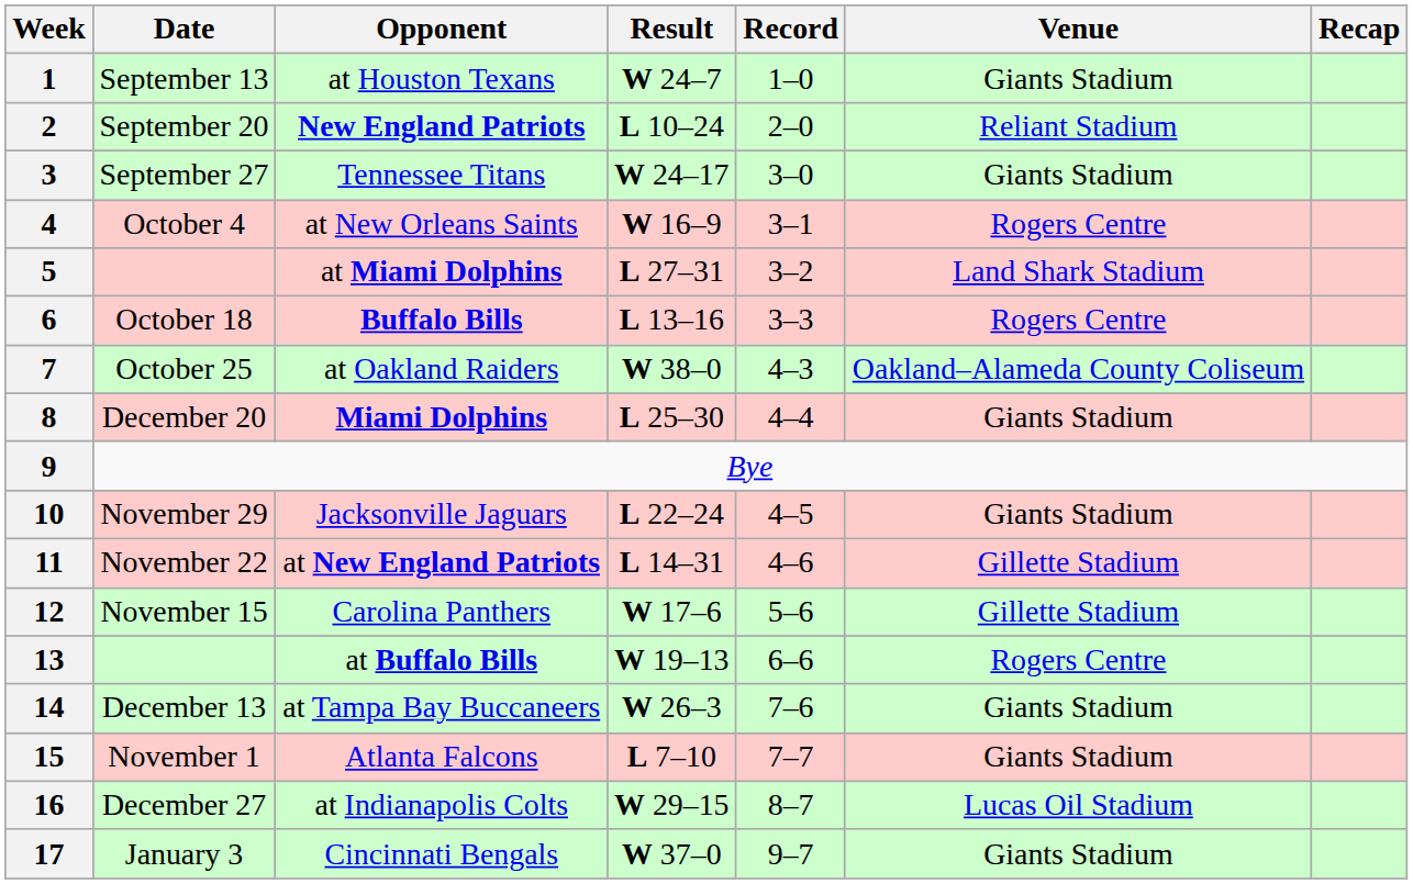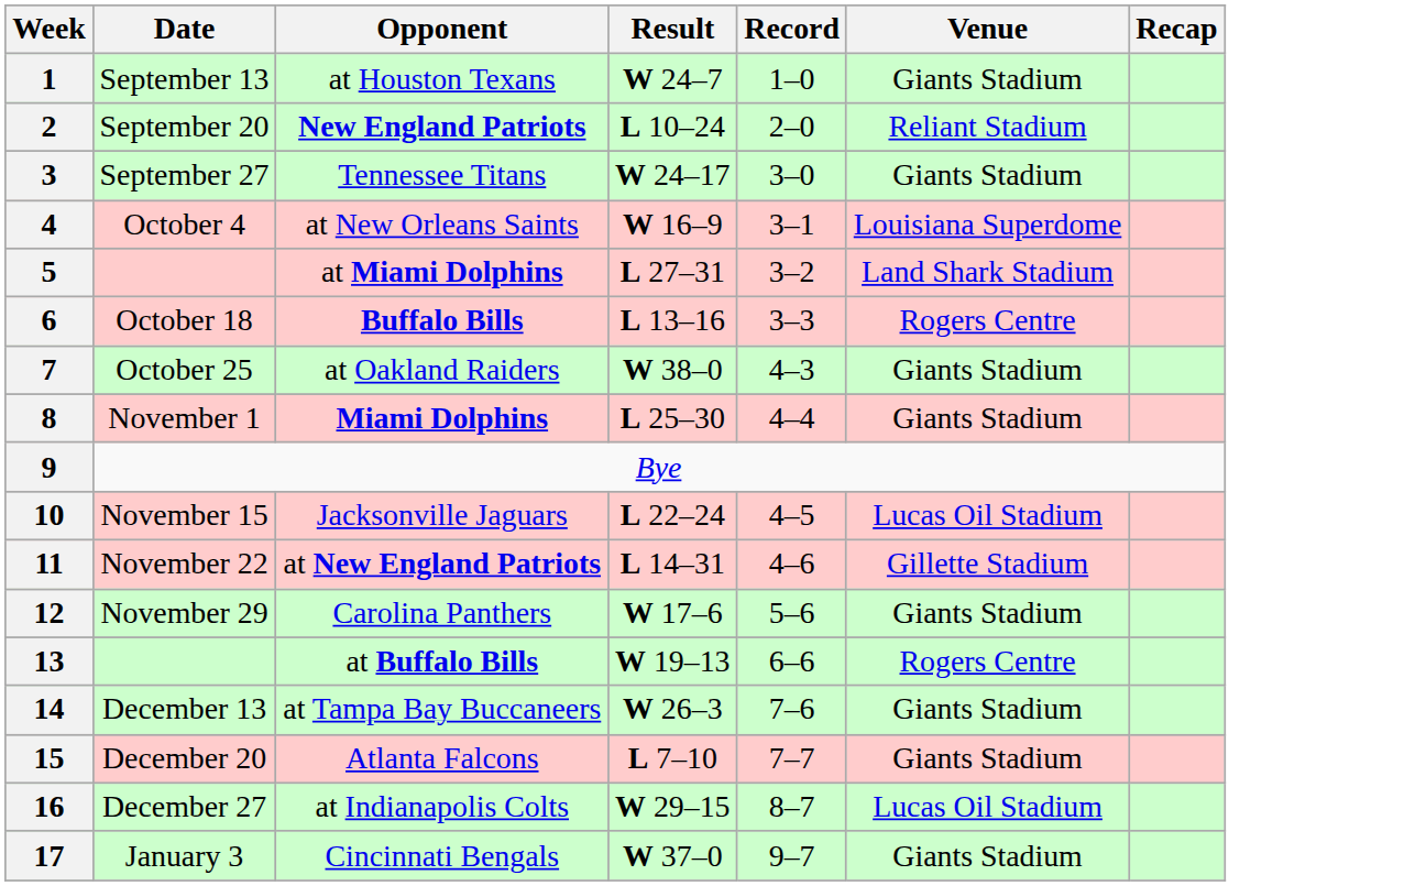 <table class="wikitable" style="text-align:center">
 <tr>
 <th>Week</th>
 <th>Date</th>
 <th>Opponent</th>
 <th>Result</th>
 <th>Record</th>
 <th>Venue</th>
 <th>Recap</th>
 </tr>
 <tr style="background:#cfc">
 <th>1</th>
 <td>September 13</td>
 <td>at <a href='#'>Houston Texans</a></td>
 <td><strong>W</strong> 24–7</td>
 <td>1–0</td>
 <td>Giants Stadium</td>
 <td></td>
 </tr>
 <tr style="background:#cfc">
 <th>2</th>
 <td>September 20</td>
 <td><strong><a href='#'>New England Patriots</a></strong></td>
 <td><strong>L</strong> 10–24</td>
 <td>2–0</td>
 <td><a href='#'>Reliant Stadium</a></td>
 <td></td>
 </tr>
 <tr style="background:#cfc">
 <th>3</th>
 <td>September 27</td>
 <td><a href='#'>Tennessee Titans</a></td>
 <td><strong>W</strong> 24–17</td>
 <td>3–0</td>
 <td>Giants Stadium</td>
 <td></td>
 </tr>
 <tr style="background:#fcc">
 <th>4</th>
 <td>October 4</td>
 <td>at <a href='#'>New Orleans Saints</a></td>
 <td><strong>W</strong> 16–9</td>
 <td>3–1</td>
-<td> <a href='#'>Rogers Centre</a> </td>
+<td><a href='#'>Louisiana Superdome</a></td>
 <td></td>
 </tr>
 <tr style="background:#fcc">
 <th>5</th>
 <td></td>
 <td>at <strong><a href='#'>Miami Dolphins</a></strong></td>
 <td><strong>L</strong> 27–31</td>
 <td>3–2</td>
 <td><a href='#'>Land Shark Stadium</a></td>
 <td></td>
 </tr>
 <tr style="background:#fcc">
 <th>6</th>
 <td>October 18</td>
 <td><strong><a href='#'>Buffalo Bills</a></strong></td>
 <td><strong>L</strong> 13–16 </td>
 <td>3–3</td>
 <td> <a href='#'>Rogers Centre</a> </td>
 <td></td>
 </tr>
 <tr style="background:#cfc">
 <th>7</th>
 <td>October 25</td>
 <td>at <a href='#'>Oakland Raiders</a></td>
 <td><strong>W</strong> 38–0</td>
 <td>4–3</td>
-<td><a href='#'>Oakland–Alameda County Coliseum</a></td>
+<td>Giants Stadium</td>
 <td></td>
 </tr>
 <tr style="background:#fcc">
 <th>8</th>
-<td>December 20</td>
+<td>November 1</td>
 <td><strong><a href='#'>Miami Dolphins</a></strong></td>
 <td><strong>L</strong> 25–30</td>
 <td>4–4</td>
 <td>Giants Stadium</td>
 <td></td>
 </tr>
 <tr>
 <th>9</th>
 <td colspan="6"><em><a href='#'>Bye</a></em></td>
 </tr>
 <tr style="background:#fcc">
 <th>10</th>
-<td>November 29</td>
+<td>November 15</td>
 <td><a href='#'>Jacksonville Jaguars</a></td>
 <td><strong>L</strong> 22–24</td>
 <td>4–5</td>
-<td>Giants Stadium</td>
+<td><a href='#'>Lucas Oil Stadium</a></td>
 <td></td>
 </tr>
 <tr style="background:#fcc">
 <th>11</th>
 <td>November 22</td>
 <td>at <strong><a href='#'>New England Patriots</a></strong></td>
 <td><strong>L</strong> 14–31</td>
 <td>4–6</td>
 <td><a href='#'>Gillette Stadium</a></td>
 <td></td>
 </tr>
 <tr style="background:#cfc">
 <th>12</th>
-<td>November 15</td>
+<td>November 29</td>
 <td><a href='#'>Carolina Panthers</a></td>
 <td><strong>W</strong> 17–6</td>
 <td>5–6</td>
-<td><a href='#'>Gillette Stadium</a></td>
+<td>Giants Stadium</td>
 <td></td>
 </tr>
 <tr style="background:#cfc">
 <th>13</th>
 <td></td>
 <td>at <strong><a href='#'>Buffalo Bills</a></strong></td>
 <td><strong>W</strong> 19–13</td>
 <td>6–6</td>
 <td> <a href='#'>Rogers Centre</a> </td>
 <td></td>
 </tr>
 <tr style="background:#cfc">
 <th>14</th>
 <td>December 13</td>
 <td>at <a href='#'>Tampa Bay Buccaneers</a></td>
 <td><strong>W</strong> 26–3</td>
 <td>7–6</td>
 <td>Giants Stadium</td>
 <td></td>
 </tr>
 <tr style="background:#fcc">
 <th>15</th>
-<td>November 1</td>
+<td>December 20</td>
 <td><a href='#'>Atlanta Falcons</a></td>
 <td><strong>L</strong> 7–10</td>
 <td>7–7</td>
 <td>Giants Stadium</td>
 <td></td>
 </tr>
 <tr style="background:#cfc">
 <th>16</th>
 <td>December 27</td>
 <td>at <a href='#'>Indianapolis Colts</a></td>
 <td><strong>W</strong> 29–15</td>
 <td>8–7</td>
 <td><a href='#'>Lucas Oil Stadium</a></td>
 <td></td>
 </tr>
 <tr style="background:#cfc">
 <th>17</th>
 <td>January 3</td>
 <td><a href='#'>Cincinnati Bengals</a></td>
 <td><strong>W</strong> 37–0</td>
 <td>9–7</td>
 <td>Giants Stadium</td>
 <td></td>
 </tr>
 </table>
